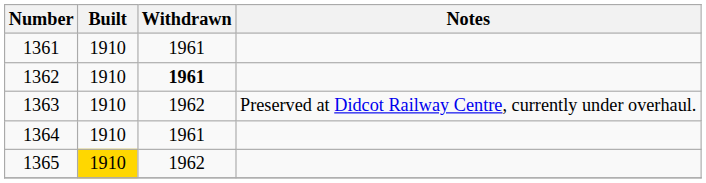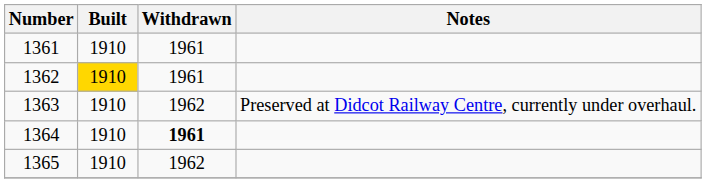 <table class="wikitable" style="text-align:center">
 <tr>
 <th width=50>Number</th>
 <th width=45>Built</th>
 <th width=45>Withdrawn</th>
 <th>Notes</th>
 </tr>
 <tr>
 <td>1361</td>
 <td>1910</td>
 <td>1961</td>
 <td></td>
 </tr>
 <tr>
 <td>1362</td>
-<td>1910</td>
-<td><strong>1961</strong></td>
+<td style="background: gold;">1910</td>
+<td>1961</td>
 <td></td>
 </tr>
 <tr>
 <td>1363</td>
 <td>1910</td>
 <td>1962</td>
 <td>Preserved at <a href='#'>Didcot Railway Centre</a>, currently under overhaul.</td>
 </tr>
 <tr>
 <td>1364</td>
 <td>1910</td>
-<td>1961</td>
+<td><strong>1961</strong></td>
 <td></td>
 </tr>
 <tr>
 <td>1365</td>
-<td style="background: gold;">1910</td>
+<td>1910</td>
 <td>1962</td>
 <td></td>
 </tr>
 <tr>
 </tr>
 </table>
